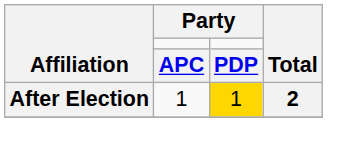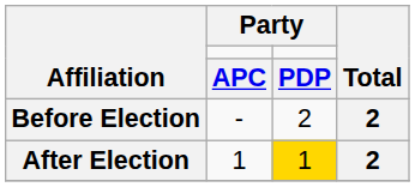 <table class=wikitable style="text-align:center">
 <tr style="vertical-align:bottom;">
 <th rowspan=3>Affiliation</th>
 <th colspan=2>Party</th>
 <th rowspan=3>Total</th>
 </tr>
 <tr>
 <td style="background-color:"></td>
 <td style="background-color:"></td>
 </tr>
 <tr>
 <th><a href='#'>APC</a></th>
 <th><a href='#'>PDP</a></th>
 </tr>
 <tr>
+<th>Before Election</th>
+<td>-</td>
+<td>2</td>
+<th>2</th>
+</tr>
+<tr>
 <th>After Election</th>
 <td>1</td>
 <td style="background: gold;">1</td>
 <th>2</th>
 </tr>
 <tr>
 </tr>
 </table>
